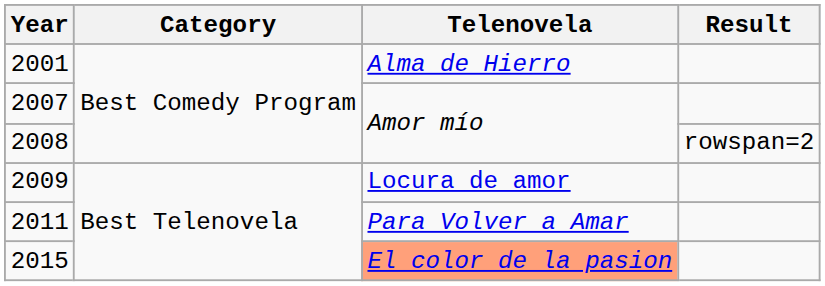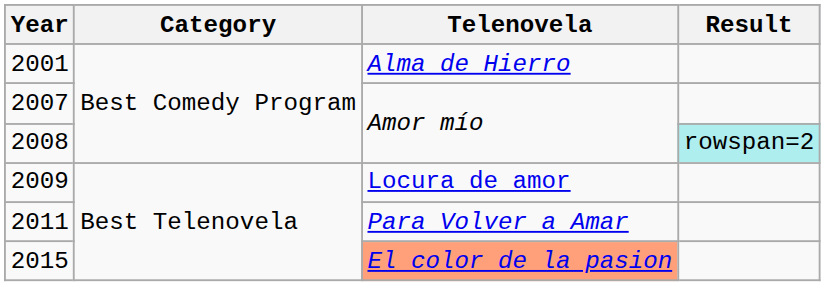 <table class="wikitable">
 <tr style="background:#b0c4de;">
 <th>Year</th>
 <th>Category</th>
 <th>Telenovela</th>
 <th>Result</th>
 </tr>
 <tr>
 <td>2001</td>
 <td rowspan=3>Best Comedy Program</td>
 <td><em><a href='#'>Alma de Hierro</a></em></td>
 <td></td>
 </tr>
 <tr>
 <td>2007</td>
 <td rowspan=2><em>Amor mío</em></td>
 <td></td>
 </tr>
 <tr>
 <td>2008</td>
-<td>rowspan=2 </td>
+<td style="background: paleturquoise;">rowspan=2 </td>
 </tr>
 <tr>
 <td>2009</td>
 <td rowspan=3>Best Telenovela</td>
 <td><a href='#'>Locura de amor</a></td>
 </tr>
 <tr>
 <td>2011</td>
 <td><em><a href='#'>Para Volver a Amar</a></em></td>
 <td></td>
 </tr>
 <tr>
 <td>2015</td>
 <td style="background: lightsalmon;"><em><a href='#'>El color de la pasion</a></em></td>
 <td></td>
 </tr>
 </table>
